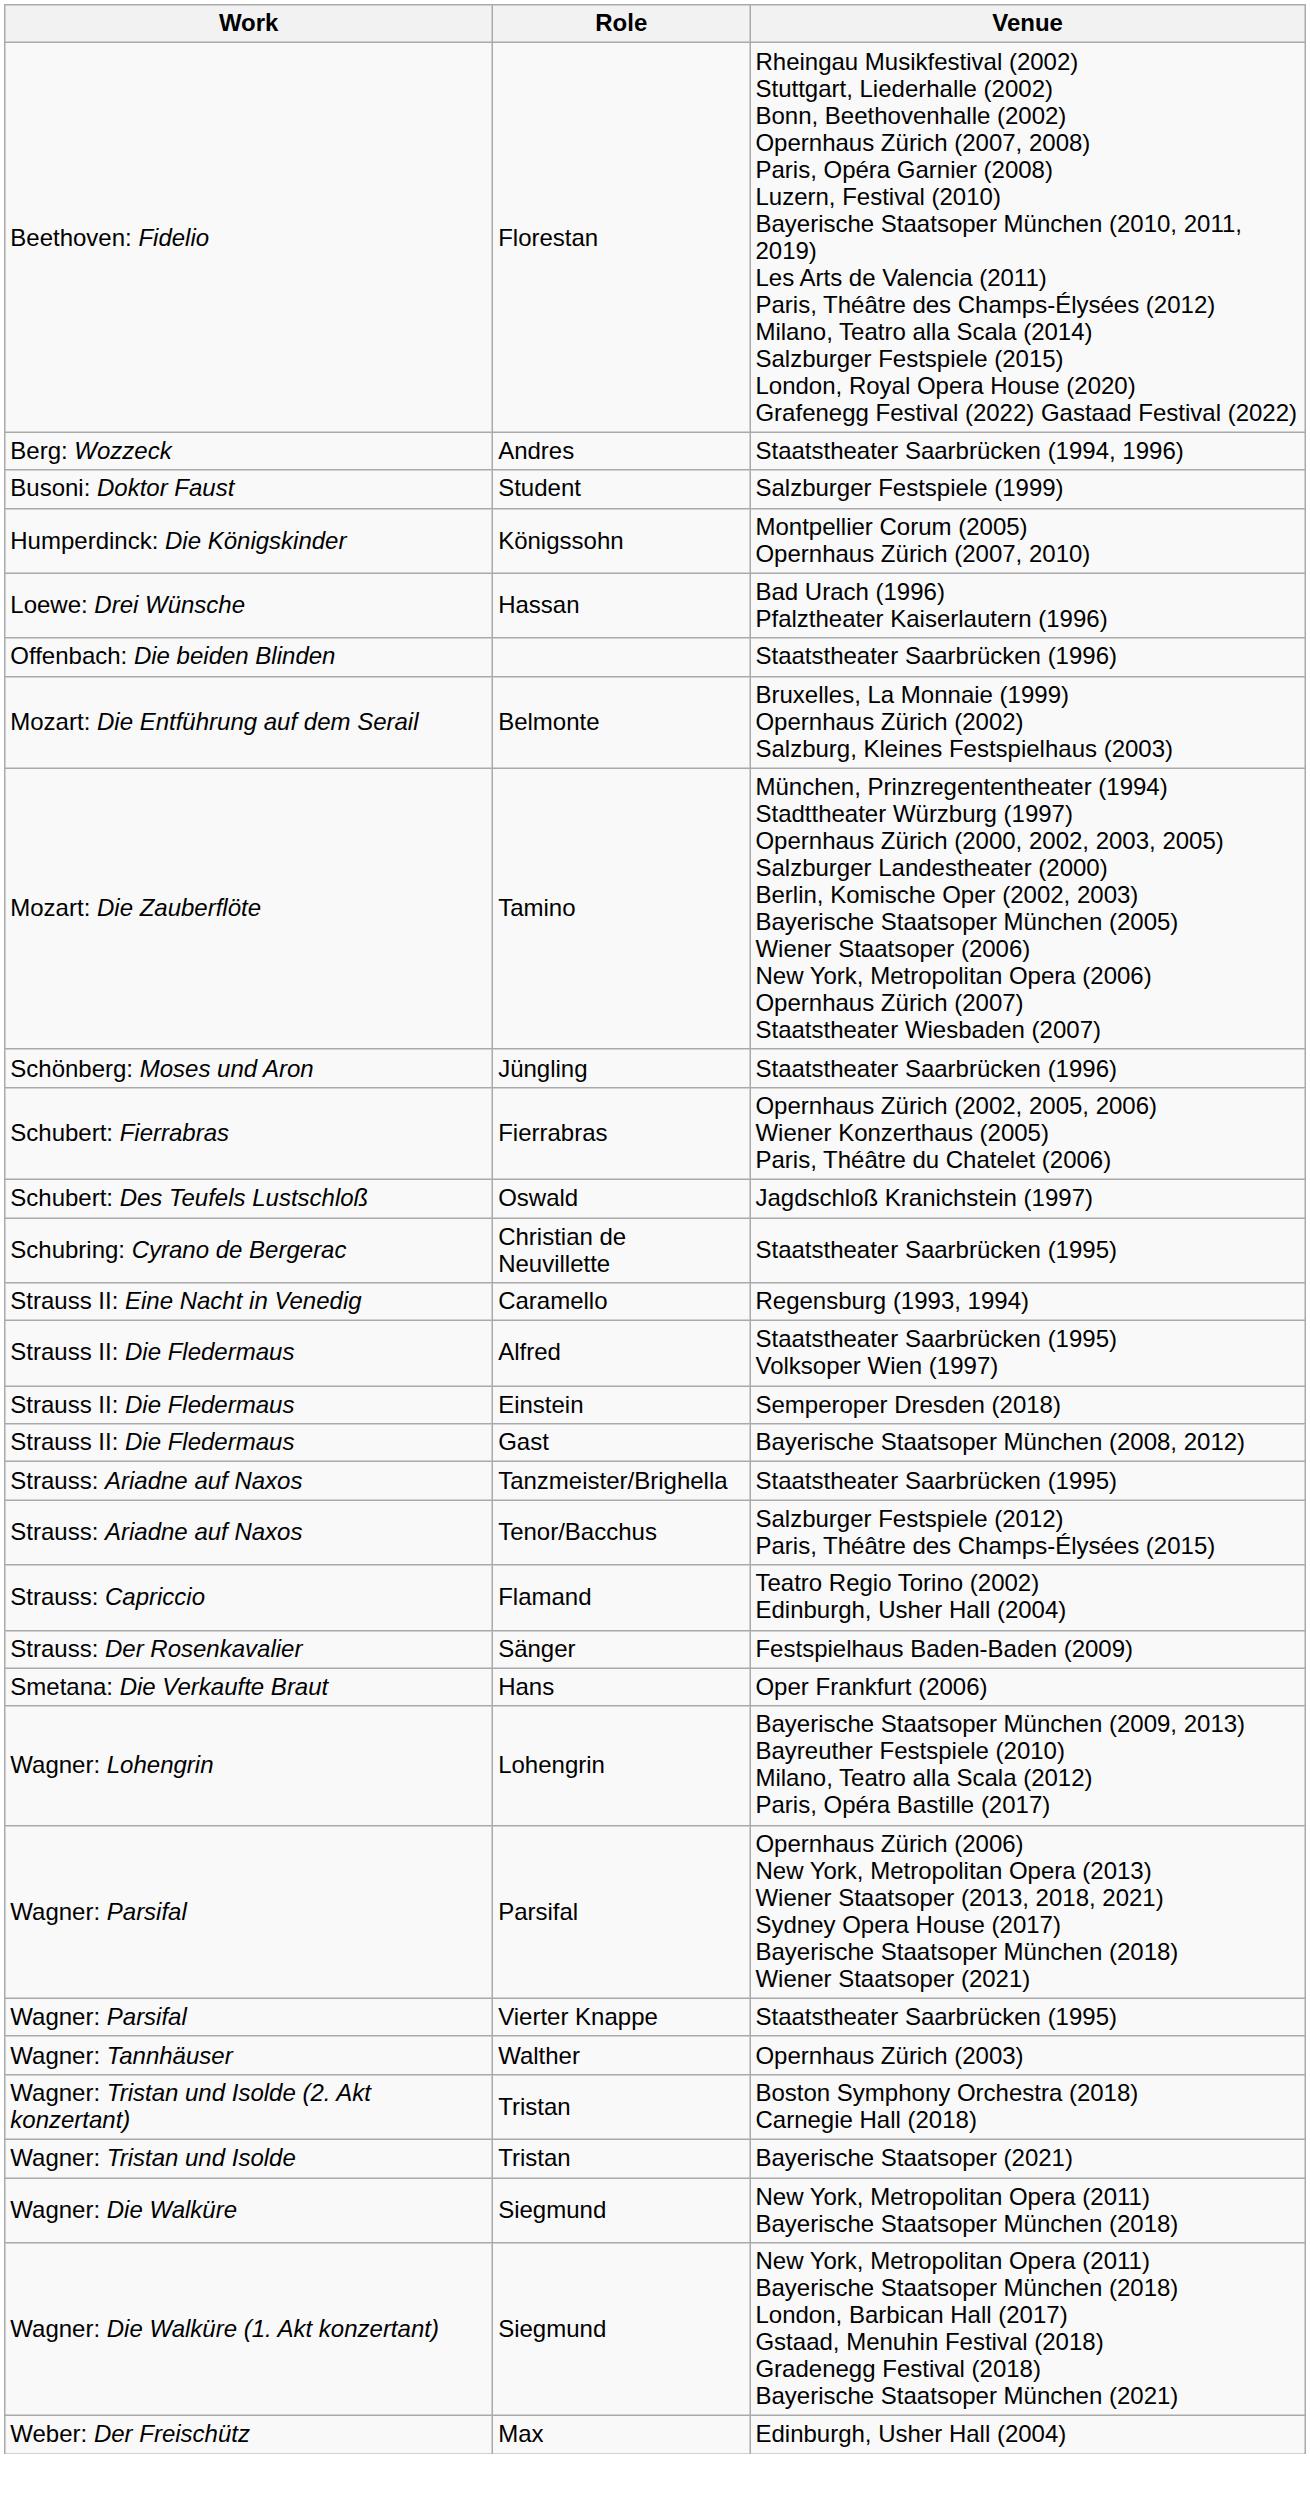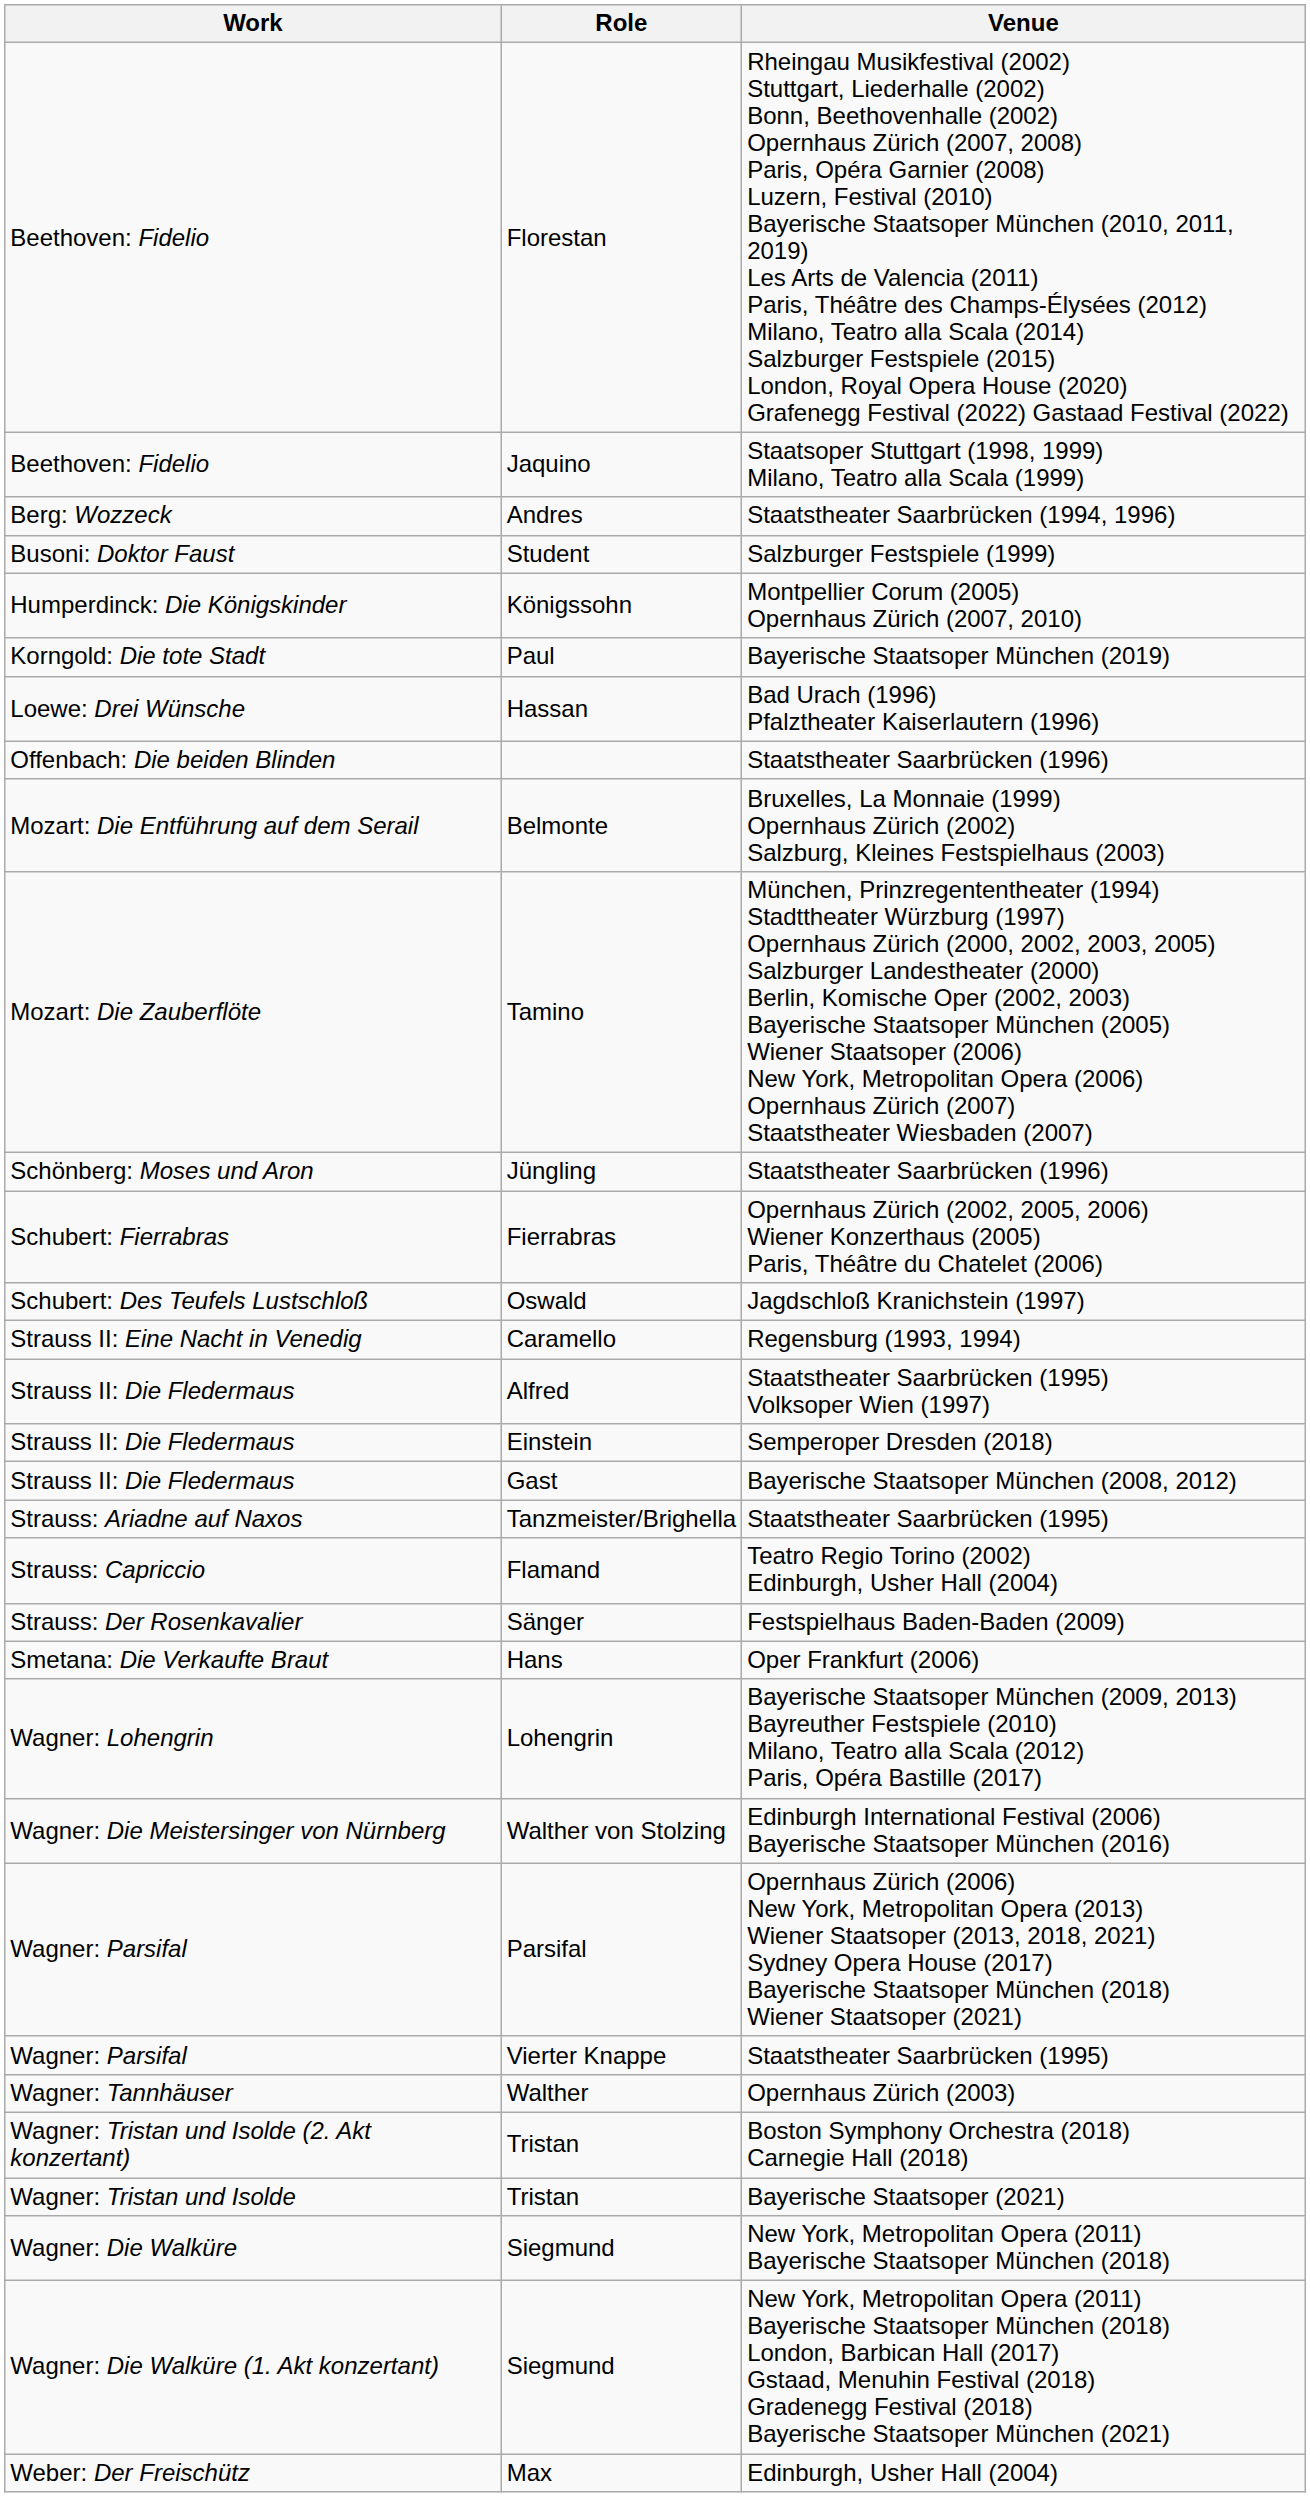 <table class="wikitable sortable collapsible">
 <tr>
 <th rowspan="2">Work</th>
 <th rowspan="2">Role</th>
 <th rowspan="2">Venue</th>
 </tr>
 <tr valign="top">
 </tr>
 <tr>
 <td style="text-align:left;">Beethoven: <em>Fidelio</em></td>
 <td>Florestan</td>
 <td>Rheingau Musikfestival (2002) <br> Stuttgart, Liederhalle (2002) <br> Bonn, Beethovenhalle (2002) <br> Opernhaus Zürich (2007, 2008) <br> Paris, Opéra Garnier (2008) <br> Luzern, Festival (2010) <br> Bayerische Staatsoper München (2010, 2011, 2019) <br> Les Arts de Valencia (2011) <br> Paris, Théâtre des Champs-Élysées (2012) <br> Milano, Teatro alla Scala (2014) <br> Salzburger Festspiele (2015) <br> London, Royal Opera House (2020)<br>Grafenegg Festival (2022) Gastaad Festival (2022)</td>
+</tr>
+<tr>
+<td style="text-align:left;">Beethoven: <em>Fidelio</em></td>
+<td>Jaquino</td>
+<td>Staatsoper Stuttgart (1998, 1999) <br> Milano, Teatro alla Scala (1999)</td>
 </tr>
 <tr>
 <td style="text-align:left;">Berg: <em>Wozzeck</em></td>
 <td>Andres</td>
 <td>Staatstheater Saarbrücken (1994, 1996)</td>
 </tr>
 <tr>
 <td style="text-align:left;">Busoni: <em>Doktor Faust</em></td>
 <td>Student</td>
 <td>Salzburger Festspiele (1999)</td>
 </tr>
 <tr>
 <td style="text-align:left;">Humperdinck: <em>Die Königskinder</em></td>
 <td>Königssohn</td>
 <td>Montpellier Corum (2005) <br> Opernhaus Zürich (2007, 2010)</td>
+</tr>
+<tr>
+<td style="text-align:left;">Korngold: <em>Die tote Stadt</em></td>
+<td>Paul</td>
+<td>Bayerische Staatsoper München (2019)</td>
 </tr>
 <tr>
 <td style="text-align:left;">Loewe: <em>Drei Wünsche</em></td>
 <td>Hassan</td>
 <td>Bad Urach (1996) <br> Pfalztheater Kaiserlautern (1996)</td>
 </tr>
 <tr>
 <td style="text-align:left;">Offenbach: <em>Die beiden Blinden</em></td>
 <td></td>
 <td>Staatstheater Saarbrücken (1996)</td>
 </tr>
 <tr>
 <td style="text-align:left;">Mozart: <em>Die Entführung auf dem Serail</em></td>
 <td>Belmonte</td>
 <td>Bruxelles, La Monnaie (1999) <br> Opernhaus Zürich (2002) <br> Salzburg, Kleines Festspielhaus (2003)</td>
 </tr>
 <tr>
 <td style="text-align:left;">Mozart: <em>Die Zauberflöte</em></td>
 <td>Tamino</td>
 <td>München, Prinzregententheater (1994) <br> Stadttheater Würzburg (1997) <br> Opernhaus Zürich (2000, 2002, 2003, 2005) <br> Salzburger Landestheater (2000) <br> Berlin, Komische Oper (2002, 2003) <br> Bayerische Staatsoper München (2005) <br> Wiener Staatsoper (2006) <br> New York, Metropolitan Opera (2006) <br> Opernhaus Zürich (2007) <br> Staatstheater Wiesbaden (2007)</td>
 </tr>
 <tr>
 <td style="text-align:left;">Schönberg: <em>Moses und Aron</em></td>
 <td>Jüngling</td>
 <td>Staatstheater Saarbrücken (1996)</td>
 </tr>
 <tr>
 <td style="text-align:left;">Schubert: <em>Fierrabras</em></td>
 <td>Fierrabras</td>
 <td>Opernhaus Zürich (2002, 2005, 2006) <br> Wiener Konzerthaus (2005) <br> Paris, Théâtre du Chatelet (2006)</td>
 </tr>
 <tr>
 <td style="text-align:left;">Schubert: <em>Des Teufels Lustschloß</em></td>
 <td>Oswald</td>
 <td>Jagdschloß Kranichstein (1997)</td>
 </tr>
 <tr>
-<td style="text-align:left;">Schubring: <em>Cyrano de Bergerac</em></td>
-<td>Christian de Neuvillette</td>
-<td>Staatstheater Saarbrücken (1995)</td>
-</tr>
-<tr>
 <td style="text-align:left;">Strauss II: <em>Eine Nacht in Venedig</em></td>
 <td>Caramello</td>
 <td>Regensburg (1993, 1994)</td>
 </tr>
 <tr>
 <td style="text-align:left;">Strauss II: <em>Die Fledermaus</em></td>
 <td>Alfred</td>
 <td>Staatstheater Saarbrücken (1995) <br> Volksoper Wien (1997)</td>
 </tr>
 <tr>
 <td style="text-align:left;">Strauss II: <em>Die Fledermaus</em></td>
 <td>Einstein</td>
 <td>Semperoper Dresden (2018)</td>
 </tr>
 <tr>
 <td style="text-align:left;">Strauss II: <em>Die Fledermaus</em></td>
 <td>Gast</td>
 <td>Bayerische Staatsoper München (2008, 2012)</td>
 </tr>
 <tr>
 <td style="text-align:left;">Strauss: <em>Ariadne auf Naxos</em></td>
 <td>Tanzmeister/Brighella</td>
 <td>Staatstheater Saarbrücken (1995)</td>
 </tr>
 <tr>
-<td style="text-align:left;">Strauss: <em>Ariadne auf Naxos</em></td>
-<td>Tenor/Bacchus</td>
-<td>Salzburger Festspiele (2012) <br> Paris, Théâtre des Champs-Élysées (2015)</td>
-</tr>
-<tr>
 <td style="text-align:left;">Strauss: <em>Capriccio</em></td>
 <td>Flamand</td>
 <td>Teatro Regio Torino (2002) <br> Edinburgh, Usher Hall (2004)</td>
 </tr>
 <tr>
 <td style="text-align:left;">Strauss: <em>Der Rosenkavalier</em></td>
 <td>Sänger</td>
 <td>Festspielhaus Baden-Baden (2009)</td>
 </tr>
 <tr>
 <td style="text-align:left;">Smetana: <em>Die Verkaufte Braut</em></td>
 <td>Hans</td>
 <td>Oper Frankfurt (2006)</td>
 </tr>
 <tr>
 <td style="text-align:left;">Wagner: <em>Lohengrin</em></td>
 <td>Lohengrin</td>
 <td>Bayerische Staatsoper München (2009, 2013) <br> Bayreuther Festspiele (2010) <br> Milano, Teatro alla Scala (2012) <br> Paris, Opéra Bastille (2017)</td>
+</tr>
+<tr>
+<td style="text-align:left;">Wagner: <em>Die Meistersinger von Nürnberg</em></td>
+<td>Walther von Stolzing</td>
+<td>Edinburgh International Festival (2006) <br> Bayerische Staatsoper München (2016)</td>
 </tr>
 <tr>
 <td style="text-align:left;">Wagner: <em>Parsifal</em></td>
 <td>Parsifal</td>
 <td>Opernhaus Zürich (2006) <br> New York, Metropolitan Opera (2013) <br> Wiener Staatsoper (2013, 2018, 2021) <br> Sydney Opera House (2017) <br> Bayerische Staatsoper München (2018) <br> Wiener Staatsoper (2021)</td>
 </tr>
 <tr>
 <td style="text-align:left;">Wagner: <em>Parsifal</em></td>
 <td>Vierter Knappe</td>
 <td>Staatstheater Saarbrücken (1995)</td>
 </tr>
 <tr>
 <td style="text-align:left;">Wagner: <em>Tannhäuser</em></td>
 <td>Walther</td>
 <td>Opernhaus Zürich (2003)</td>
 </tr>
 <tr>
 <td style="text-align:left;">Wagner: <em>Tristan und Isolde (2. Akt konzertant)</em></td>
 <td>Tristan</td>
 <td>Boston Symphony Orchestra (2018) <br> Carnegie Hall (2018)</td>
 </tr>
 <tr>
 <td style="text-align:left;">Wagner: <em>Tristan und Isolde</em></td>
 <td>Tristan</td>
 <td>Bayerische Staatsoper (2021)</td>
 </tr>
 <tr>
 <td style="text-align:left;">Wagner: <em>Die Walküre</em></td>
 <td>Siegmund</td>
 <td>New York, Metropolitan Opera (2011) <br> Bayerische Staatsoper München (2018)</td>
 </tr>
 <tr>
 <td style="text-align:left;">Wagner: <em>Die Walküre (1. Akt konzertant)</em></td>
 <td>Siegmund</td>
 <td>New York, Metropolitan Opera (2011) <br> Bayerische Staatsoper München (2018) <br> London, Barbican Hall (2017) <br> Gstaad, Menuhin Festival (2018) <br> Gradenegg Festival (2018) <br> Bayerische Staatsoper München (2021)</td>
 </tr>
 <tr>
 <td style="text-align:left;">Weber: <em>Der Freischütz</em></td>
 <td>Max</td>
 <td>Edinburgh, Usher Hall (2004)</td>
 </tr>
 </table>
